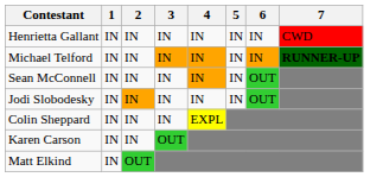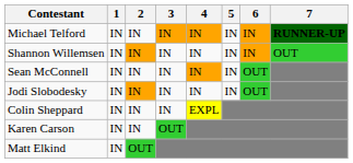 <table class="wikitable">
 <tr>
 <th>Contestant</th>
 <th>1</th>
 <th>2</th>
 <th>3</th>
 <th>4</th>
 <th>5</th>
 <th>6</th>
 <th>7</th>
 </tr>
 <tr>
-<td>Henrietta Gallant</td>
-<td>IN</td>
-<td>IN</td>
-<td>IN</td>
-<td>IN</td>
-<td>IN</td>
-<td>IN</td>
-<td style="background-color:RED">CWD</td>
-</tr>
-<tr>
 <td>Michael Telford</td>
 <td>IN</td>
 <td>IN</td>
 <td style="background-color:orange">IN</td>
 <td style="background-color:orange">IN</td>
 <td>IN</td>
 <td style="background-color:orange">IN</td>
 <td style="background-color:darkgreen"><strong>RUNNER-UP</strong></td>
+</tr>
+<tr>
+<td>Shannon Willemsen</td>
+<td>IN</td>
+<td style="background-color:orange">IN</td>
+<td>IN</td>
+<td>IN</td>
+<td>IN</td>
+<td style="background-color:orange">IN</td>
+<td style="background-color:limegreen">OUT</td>
 </tr>
 <tr>
 <td>Sean McConnell</td>
 <td>IN</td>
 <td>IN</td>
 <td>IN</td>
 <td style="background-color:orange">IN</td>
 <td>IN</td>
 <td style="background-color:limegreen">OUT</td>
 <td style="background-color:gray"></td>
 </tr>
 <tr>
 <td>Jodi Slobodesky</td>
 <td>IN</td>
 <td style="background-color:orange">IN</td>
 <td>IN</td>
 <td>IN</td>
 <td>IN</td>
 <td style="background-color:limegreen">OUT</td>
 <td style="background-color:gray"></td>
 </tr>
 <tr>
 <td>Colin Sheppard</td>
 <td>IN</td>
 <td>IN</td>
 <td>IN</td>
 <td style="background-color:yellow">EXPL</td>
 <td style="background-color:gray" colspan="3"></td>
 </tr>
 <tr>
 <td>Karen Carson</td>
 <td>IN</td>
 <td>IN</td>
 <td style="background-color:limegreen">OUT</td>
 <td style="background-color:gray" colspan="4"></td>
 </tr>
 <tr>
 <td>Matt Elkind</td>
 <td>IN</td>
 <td style="background-color:limegreen">OUT</td>
 <td style="background-color:gray" colspan="5"></td>
 </tr>
 </table>
